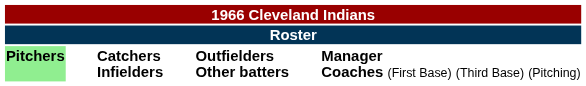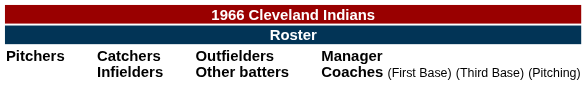 <table class="toccolours" style="font-size: 95%;">
 <tr>
 <th colspan="10" style="background-color: #990000; color: white; text-align: center;">1966 Cleveland Indians</th>
 </tr>
 <tr>
 <td colspan="10" style="background-color: #023456; color: white; text-align: center;"><strong>Roster</strong></td>
 </tr>
 <tr>
-<td valign="top" style="background: lightgreen;"><strong>Pitchers</strong><br>             </td>
+<td valign="top"><strong>Pitchers</strong><br>             </td>
 <td width="25px"></td>
 <td valign="top"><strong>Catchers</strong><br>    <strong>Infielders</strong>          </td>
 <td width="25px"></td>
 <td valign="top"><strong>Outfielders</strong><br>      <strong>Other batters</strong>   </td>
 <td width="25px"></td>
 <td valign="top"><strong>Manager</strong><br><strong>Coaches</strong>   <small>(First Base)</small>  <small>(Third Base)</small>  <small>(Pitching)</small></td>
 </tr>
 </table>
